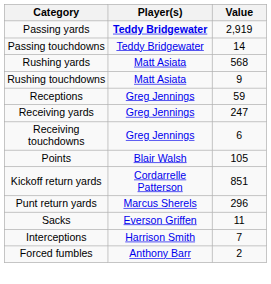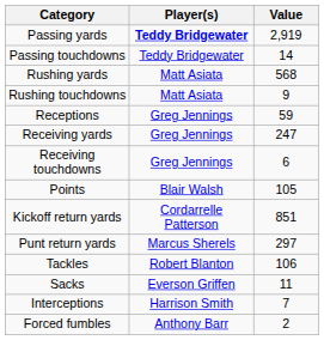 <table class="wikitable" style="text-align:center">
 <tr>
 <th width=150px>Category</th>
 <th width=150px>Player(s)</th>
 <th width=75px>Value</th>
 </tr>
 <tr>
 <td>Passing yards</td>
 <td><strong><a href='#'>Teddy Bridgewater</a></strong></td>
 <td>2,919</td>
 </tr>
 <tr>
 <td>Passing touchdowns</td>
 <td><a href='#'>Teddy Bridgewater</a></td>
 <td>14</td>
 </tr>
 <tr>
 <td>Rushing yards</td>
 <td><a href='#'>Matt Asiata</a></td>
 <td>568</td>
 </tr>
 <tr>
 <td>Rushing touchdowns</td>
 <td><a href='#'>Matt Asiata</a></td>
 <td>9</td>
 </tr>
 <tr>
 <td>Receptions</td>
 <td><a href='#'>Greg Jennings</a></td>
 <td>59</td>
 </tr>
 <tr>
 <td>Receiving yards</td>
 <td><a href='#'>Greg Jennings</a></td>
 <td>247</td>
 </tr>
 <tr>
 <td>Receiving touchdowns</td>
 <td><a href='#'>Greg Jennings</a></td>
 <td>6</td>
 </tr>
 <tr>
 <td>Points</td>
 <td><a href='#'>Blair Walsh</a></td>
 <td>105</td>
 </tr>
 <tr>
 <td>Kickoff return yards</td>
 <td><a href='#'>Cordarrelle Patterson</a></td>
 <td>851</td>
 </tr>
 <tr>
 <td>Punt return yards</td>
 <td><a href='#'>Marcus Sherels</a></td>
-<td>296</td>
+<td>297</td>
+</tr>
+<tr>
+<td>Tackles</td>
+<td><a href='#'>Robert Blanton</a></td>
+<td>106</td>
 </tr>
 <tr>
 <td>Sacks</td>
 <td><a href='#'>Everson Griffen</a></td>
 <td>11</td>
 </tr>
 <tr>
 <td>Interceptions</td>
 <td><a href='#'>Harrison Smith</a></td>
 <td>7</td>
 </tr>
 <tr>
 <td>Forced fumbles</td>
 <td><a href='#'>Anthony Barr</a></td>
 <td>2</td>
 </tr>
 </table>
